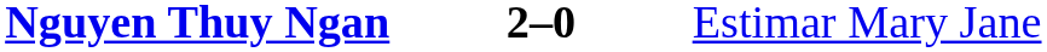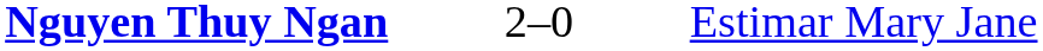 <table>
 <tr>
 <th width=400></th>
 <th width=100></th>
 <th width=400></th>
 </tr>
 <tr>
 <td align=right><strong><a href='#'>Nguyen Thuy Ngan</a> </strong></td>
-<td align=center><strong>2–0</strong></td>
+<td align=center>2–0</td>
 <td> <a href='#'>Estimar Mary Jane</a></td>
 </tr>
 </table>
